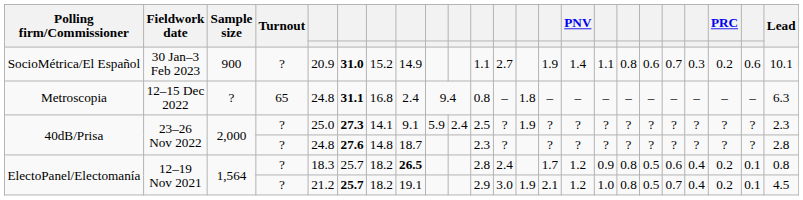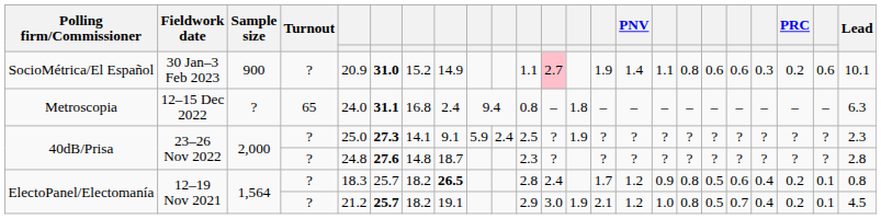 <table class="wikitable collapsible collapsed" style="text-align:center; font-size:95%; line-height:16px;">
 <tr style="height:42px;">
 <th style="width:250px;" rowspan="2">Polling firm/Commissioner</th>
 <th style="width:125px;" rowspan="2">Fieldwork date</th>
 <th style="width:50px;" rowspan="2">Sample size</th>
 <th style="width:45px;" rowspan="2">Turnout</th>
 <th style="width:43px;"></th>
 <th style="width:43px;"></th>
 <th style="width:35px;"></th>
 <th style="width:35px;"></th>
 <th style="width:35px;"></th>
 <th style="width:35px;"></th>
 <th style="width:35px;"></th>
 <th style="width:35px;"></th>
 <th style="width:35px;"></th>
 <th style="width:35px;"></th>
 <th style="width:35px;"><a href='#'>PNV</a></th>
 <th style="width:35px;"></th>
 <th style="width:35px;"></th>
 <th style="width:35px;"></th>
 <th style="width:35px;"></th>
 <th style="width:35px;"></th>
 <th style="width:35px;"><a href='#'>PRC</a></th>
 <th style="width:35px;"></th>
 <th style="width:30px;" rowspan="2">Lead</th>
 </tr>
 <tr>
 <th style="color:inherit;background:"></th>
 <th style="color:inherit;background:"></th>
 <th style="color:inherit;background:"></th>
 <th style="color:inherit;background:"></th>
 <th style="color:inherit;background:"></th>
 <th style="color:inherit;background:"></th>
 <th style="color:inherit;background:"></th>
 <th style="color:inherit;background:"></th>
 <th style="color:inherit;background:"></th>
 <th style="color:inherit;background:"></th>
 <th style="color:inherit;background:"></th>
 <th style="color:inherit;background:"></th>
 <th style="color:inherit;background:"></th>
 <th style="color:inherit;background:"></th>
 <th style="color:inherit;background:"></th>
 <th style="color:inherit;background:"></th>
 <th style="color:inherit;background:"></th>
 <th style="color:inherit;background:"></th>
 </tr>
 <tr>
 <td>SocioMétrica/El Español</td>
 <td>30 Jan–3 Feb 2023</td>
 <td>900</td>
 <td>?</td>
 <td>20.9<br></td>
 <td><strong>31.0</strong><br></td>
 <td>15.2<br></td>
 <td>14.9<br></td>
 <td></td>
 <td></td>
 <td>1.1<br></td>
-<td>2.7<br></td>
+<td style="background: pink;">2.7<br></td>
 <td></td>
 <td>1.9<br></td>
 <td>1.4<br></td>
 <td>1.1<br></td>
 <td>0.8<br></td>
 <td>0.6<br></td>
-<td>0.7<br></td>
+<td>0.6<br></td>
 <td>0.3<br></td>
 <td>0.2<br></td>
 <td>0.6<br></td>
 <td style="background:">10.1</td>
 </tr>
 <tr>
 <td>Metroscopia</td>
 <td>12–15 Dec 2022</td>
 <td>?</td>
 <td>65</td>
-<td>24.8<br></td>
+<td>24.0<br></td>
 <td><strong>31.1</strong><br></td>
 <td>16.8<br></td>
 <td>2.4<br></td>
 <td colspan="2">9.4<br></td>
 <td>0.8<br></td>
 <td>–</td>
 <td>1.8<br></td>
 <td>–</td>
 <td>–</td>
 <td>–</td>
 <td>–</td>
 <td>–</td>
 <td>–</td>
 <td>–</td>
 <td>–</td>
 <td>–</td>
 <td style="background:">6.3</td>
 </tr>
 <tr>
 <td rowspan="2">40dB/Prisa</td>
 <td rowspan="2">23–26 Nov 2022</td>
 <td rowspan="2">2,000</td>
 <td>?</td>
 <td>25.0<br></td>
 <td><strong>27.3</strong><br></td>
 <td>14.1<br></td>
 <td>9.1<br></td>
 <td>5.9<br></td>
 <td>2.4<br></td>
 <td>2.5<br></td>
 <td>?<br></td>
 <td>1.9<br></td>
 <td>?<br></td>
 <td>?<br></td>
 <td>?<br></td>
 <td>?<br></td>
 <td>?<br></td>
 <td>?<br></td>
 <td>?<br></td>
 <td>?<br></td>
 <td>?<br></td>
 <td style="background:">2.3</td>
 </tr>
 <tr>
 <td>?</td>
 <td>24.8<br></td>
 <td><strong>27.6</strong><br></td>
 <td>14.8<br></td>
 <td>18.7<br></td>
 <td></td>
 <td></td>
 <td>2.3<br></td>
 <td>?<br></td>
 <td></td>
 <td>?<br></td>
 <td>?<br></td>
 <td>?<br></td>
 <td>?<br></td>
 <td>?<br></td>
 <td>?<br></td>
 <td>?<br></td>
 <td>?<br></td>
 <td>?<br></td>
 <td style="background:">2.8</td>
 </tr>
 <tr>
 <td rowspan="2">ElectoPanel/Electomanía</td>
 <td rowspan="2">12–19 Nov 2021</td>
 <td rowspan="2">1,564</td>
 <td>?</td>
 <td>18.3<br></td>
 <td>25.7<br></td>
 <td>18.2<br></td>
 <td><strong>26.5</strong><br></td>
 <td></td>
 <td></td>
 <td>2.8<br></td>
 <td>2.4<br></td>
 <td></td>
 <td>1.7<br></td>
 <td>1.2<br></td>
 <td>0.9<br></td>
 <td>0.8<br></td>
 <td>0.5<br></td>
 <td>0.6<br></td>
 <td>0.4<br></td>
 <td>0.2<br></td>
 <td>0.1<br></td>
 <td style="background:">0.8</td>
 </tr>
 <tr>
 <td>?</td>
 <td>21.2<br></td>
 <td><strong>25.7</strong><br></td>
 <td>18.2<br></td>
 <td>19.1<br></td>
 <td></td>
 <td></td>
 <td>2.9<br></td>
 <td>3.0<br></td>
 <td>1.9<br></td>
 <td>2.1<br></td>
 <td>1.2<br></td>
 <td>1.0<br></td>
 <td>0.8<br></td>
 <td>0.5<br></td>
 <td>0.7<br></td>
 <td>0.4<br></td>
 <td>0.2<br></td>
 <td>0.1<br></td>
 <td style="background:">4.5</td>
 </tr>
 </table>
